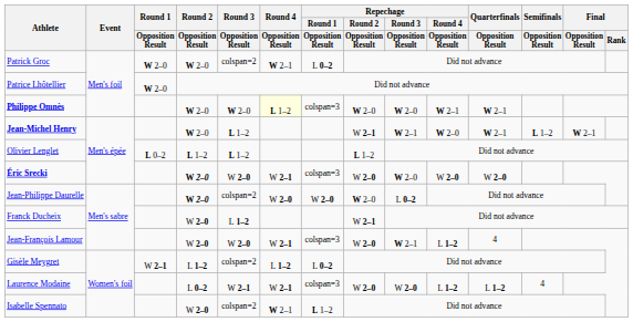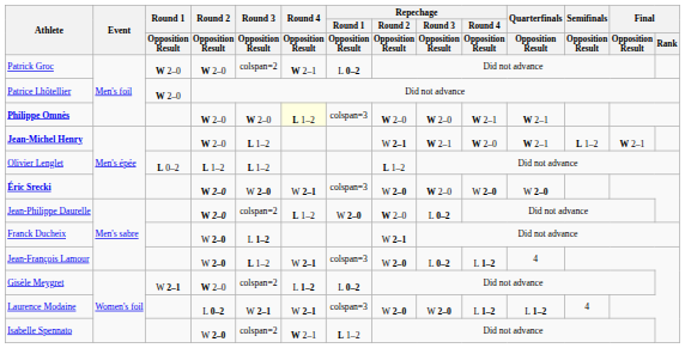 <table class="wikitable" style="font-size:70%">
 <tr>
 <th rowspan="3">Athlete</th>
 <th rowspan="3">Event</th>
 <th rowspan="2">Round 1</th>
 <th rowspan="2">Round 2</th>
 <th rowspan="2">Round 3</th>
 <th rowspan="2">Round 4</th>
 <th colspan=4>Repechage</th>
 <th rowspan="2">Quarterfinals</th>
 <th rowspan="2">Semifinals</th>
 <th rowspan="2" colspan=2>Final</th>
 </tr>
 <tr style="font-size:95%">
 <th>Round 1</th>
 <th>Round 2</th>
 <th>Round 3</th>
 <th>Round 4</th>
 </tr>
 <tr style="font-size:95%">
 <th>Opposition<br>Result</th>
 <th>Opposition<br>Result</th>
 <th>Opposition<br>Result</th>
 <th>Opposition<br>Result</th>
 <th>Opposition<br>Result</th>
 <th>Opposition<br>Result</th>
 <th>Opposition<br>Result</th>
 <th>Opposition<br>Result</th>
 <th>Opposition<br>Result</th>
 <th>Opposition<br>Result</th>
 <th>Opposition<br>Result</th>
 <th>Rank</th>
 </tr>
 <tr align=center>
 <td align=left><a href='#'>Patrick Groc</a></td>
 <td align=left rowspan=3><a href='#'>Men's foil</a></td>
 <td><br><strong>W</strong> 2–0</td>
 <td><br><strong>W</strong> 2–0</td>
 <td>colspan=2</td>
 <td><br><strong>W</strong> 2–1</td>
 <td><br></strong>L<strong> 0–2</td>
 <td colspan=6>Did not advance</td>
 </tr>
 <tr align=center>
 <td align=left><a href='#'>Patrice Lhôtellier</a></td>
 <td><br><strong>W</strong> 2–0</td>
 <td colspan=11>Did not advance</td>
 </tr>
 <tr align=center>
 <td align=left><strong><a href='#'>Philippe Omnès</a></strong></td>
 <td></td>
 <td><br><strong>W</strong> 2–0</td>
 <td><br><strong>W</strong> 2–0</td>
 <td style="background: lightyellow;"><br><strong>L</strong> 1–2</td>
 <td>colspan=3</td>
 <td><br><strong>W</strong> 2–0</td>
 <td><br><strong>W</strong> 2–0</td>
 <td><br><strong>W</strong> 2–1</td>
 <td><br><strong>W</strong> 2–1</td>
 <td></td>
 </tr>
 <tr align=center>
 <td align=left><strong><a href='#'>Jean-Michel Henry</a></strong></td>
 <td align=left rowspan=3><a href='#'>Men's épée</a></td>
 <td></td>
 <td><br><strong>W</strong> 2–0</td>
 <td><br><strong>L</strong> 1–2</td>
 <td></td>
 <td></td>
 <td><br></strong>W<strong> 2–1</td>
 <td><br><strong>W</strong> 2–1</td>
 <td><br><strong>W</strong> 2–0</td>
 <td><br><strong>W</strong> 2–1</td>
 <td><br><strong>L</strong> 1–2</td>
 <td><br><strong>W</strong> 2–1</td>
 <td></td>
 </tr>
 <tr align=center>
 <td align=left><a href='#'>Olivier Lenglet</a></td>
 <td><br><strong>L</strong> 0–2</td>
 <td><br><strong>L</strong> 1–2</td>
 <td><br><strong>L</strong> 1–2</td>
 <td></td>
 <td></td>
 <td><br><strong>L</strong> 1–2</td>
 <td colspan=6>Did not advance</td>
 </tr>
 <tr align=center>
 <td align=left><strong><a href='#'>Éric Srecki</a></strong></td>
 <td></td>
 <td><br><strong>W<em> 2–0</td>
 <td><br></strong>W<strong> 2–0</td>
 <td><br></strong>W<strong> 2–1</td>
 <td>colspan=3</td>
 <td><br></strong>W<strong> 2–0</td>
 <td><br><strong>W</strong> 2–0</td>
 <td><br></strong>W<strong> 2–0</td>
 <td><br></strong>W<strong> 2–0</td>
 <td></td>
 </tr>
 <tr align=center>
 <td align=left><a href='#'>Jean-Philippe Daurelle</a></td>
 <td align=left rowspan=3><a href='#'>Men's sabre</a></td>
 <td></td>
 <td><br><strong>W<em> 2–0</td>
 <td>colspan=2</td>
-<td><br></strong>W<strong> 2–0</td>
+<td><br><strong>L</strong> 1–2</td>
 <td><br></strong>W<strong> 2–0</td>
 <td><br><strong>W</strong> 2–0</td>
 <td><br></strong>L<strong> 0–2</td>
 <td colspan=4>Did not advance</td>
 </tr>
 <tr align=center>
 <td align=left><a href='#'>Franck Ducheix</a></td>
 <td></td>
 <td><br></strong>W<strong> 2–0</td>
 <td><br></strong>L<strong> 1–2</td>
 <td></td>
 <td></td>
 <td><br></strong>W<strong> 2–1</td>
 <td colspan=6>Did not advance</td>
 </tr>
 <tr align=center>
 <td align=left><a href='#'>Jean-François Lamour</a></td>
 <td></td>
 <td><br></strong>W<strong> 2–0</td>
-<td><br></strong>W<strong> 2–0</td>
+<td><br><strong>L</strong> 1–2</td>
 <td><br></strong>W<strong> 2–1</td>
 <td>colspan=3</td>
 <td><br></strong>W<strong> 2–0</td>
-<td><br><strong>W</strong> 2–1</td>
+<td><br></strong>L<strong> 0–2</td>
 <td><br></strong>L<strong> 1–2</td>
 <td>4</td>
 </tr>
 <tr align=center>
 <td align=left><a href='#'>Gisèle Meygret</a></td>
 <td align=left rowspan=3><a href='#'>Women's foil</a></td>
 <td><br></strong>W<strong> 2–1</td>
-<td><br></strong>L<strong> 1–2</td>
+<td><br><strong>W</strong> 2–0</td>
 <td>colspan=2</td>
 <td><br></strong>L<strong> 1–2</td>
 <td><br></strong>L<strong> 0–2</td>
 <td colspan=6>Did not advance</td>
 </tr>
 <tr align=center>
 <td align=left><a href='#'>Laurence Modaine</a></td>
 <td></td>
 <td><br></strong>L<strong> 0–2</td>
 <td><br></strong>W<strong> 2–1</td>
 <td><br></strong>W<strong> 2–1</td>
 <td>colspan=3</td>
 <td><br></strong>W<strong> 2–0</td>
 <td><br></strong>W<strong> 2–0</td>
 <td><br></strong>L<strong> 1–2</td>
 <td><br></strong>L<strong> 1–2</td>
 <td>4</td>
 </tr>
 <tr align=center>
 <td align=left><a href='#'>Isabelle Spennato</a></td>
 <td></td>
 <td><br></strong>W<strong> 2–0</td>
 <td>colspan=2</td>
 <td><br><strong>W</strong> 2–1</td>
 <td><br><strong>L</strong> 1–2</td>
 <td colspan=6>Did not advance</td>
 </tr>
 </table>
